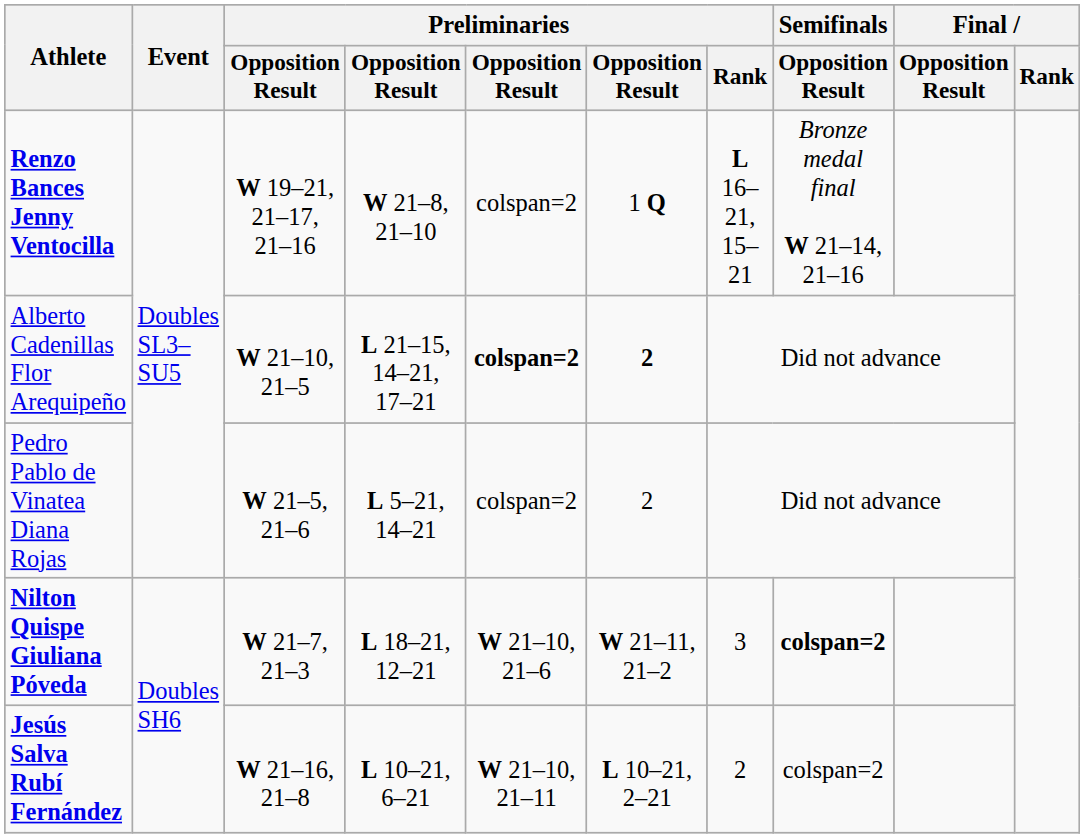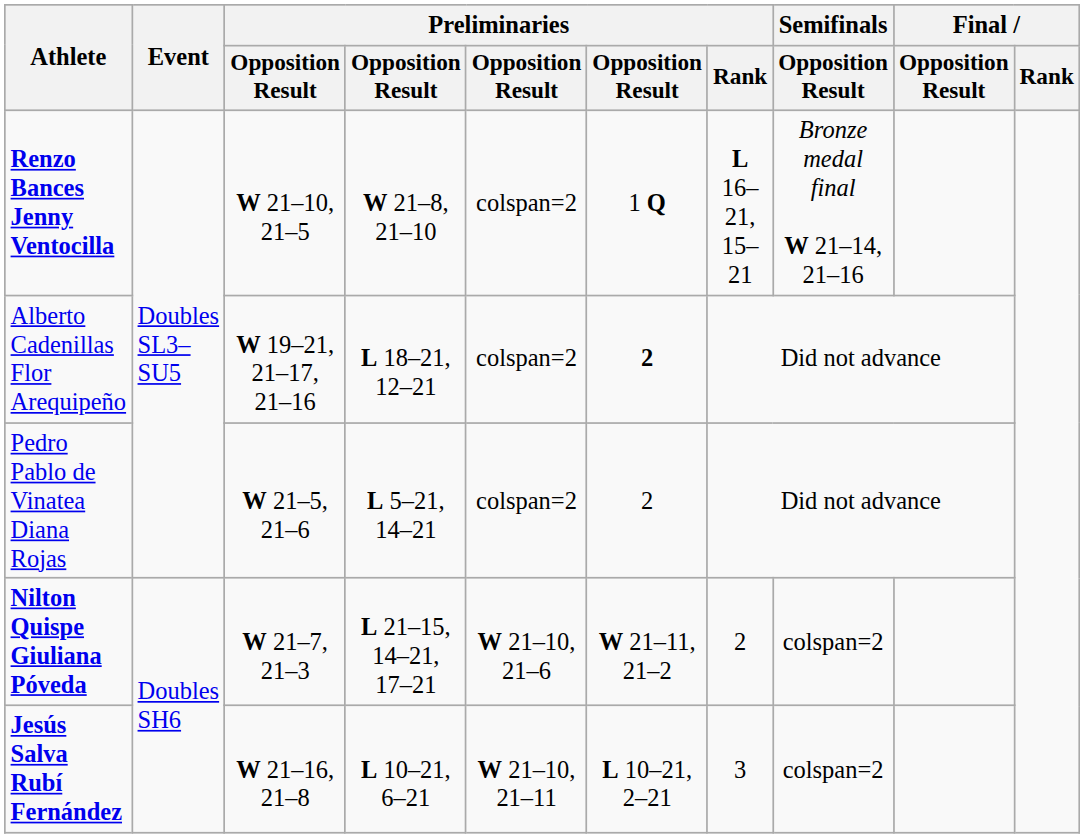 <table class=wikitable style="font-size:90%">
 <tr>
 <th rowspan="2">Athlete</th>
 <th rowspan="2">Event</th>
 <th colspan="5">Preliminaries</th>
 <th>Semifinals</th>
 <th colspan="2">Final / </th>
 </tr>
 <tr style="font-size:95%">
 <th>Opposition<br>Result</th>
 <th>Opposition<br>Result</th>
 <th>Opposition<br>Result</th>
 <th>Opposition<br>Result</th>
 <th>Rank</th>
 <th>Opposition<br>Result</th>
 <th>Opposition<br>Result</th>
 <th>Rank</th>
 </tr>
 <tr align=center>
 <td align=left><strong><a href='#'>Renzo Bances</a><br><a href='#'>Jenny Ventocilla</a></strong></td>
 <td align=left rowspan=3><a href='#'>Doubles SL3–SU5</a></td>
-<td><br><strong>W</strong> 19–21, 21–17, 21–16</td>
+<td><br><strong>W</strong> 21–10, 21–5</td>
 <td><br><strong>W</strong> 21–8, 21–10</td>
 <td>colspan=2 </td>
 <td>1 <strong>Q</strong></td>
 <td><br><strong>L</strong> 16–21, 15–21</td>
 <td><em>Bronze medal final</em><br><br><strong>W</strong> 21–14, 21–16</td>
 <td></td>
 </tr>
 <tr align=center>
 <td align=left><a href='#'>Alberto Cadenillas</a><br><a href='#'>Flor Arequipeño</a></td>
-<td><br><strong>W</strong> 21–10, 21–5</td>
-<td><br><strong>L</strong> 21–15, 14–21, 17–21</td>
-<td><strong>colspan=2 </strong></td>
+<td><br><strong>W</strong> 19–21, 21–17, 21–16</td>
+<td><br><strong>L</strong> 18–21, 12–21</td>
+<td>colspan=2 </td>
 <td><strong>2</strong></td>
 <td colspan=3>Did not advance</td>
 </tr>
 <tr align=center>
 <td align=left><a href='#'>Pedro Pablo de Vinatea</a><br><a href='#'>Diana Rojas</a></td>
 <td><br><strong>W</strong> 21–5, 21–6</td>
 <td><br><strong>L</strong> 5–21, 14–21</td>
 <td>colspan=2 </td>
 <td>2</td>
 <td colspan=3>Did not advance</td>
 </tr>
 <tr align=center>
 <td align=left><strong><a href='#'>Nilton Quispe</a><br><a href='#'>Giuliana Póveda</a></strong></td>
 <td align=left rowspan=2><a href='#'>Doubles SH6</a></td>
 <td><br><strong>W</strong> 21–7, 21–3</td>
-<td><br><strong>L</strong> 18–21, 12–21</td>
+<td><br><strong>L</strong> 21–15, 14–21, 17–21</td>
 <td><br><strong>W</strong> 21–10, 21–6</td>
 <td><br><strong>W</strong> 21–11, 21–2</td>
-<td>3</td>
-<td><strong>colspan=2 </strong></td>
+<td>2</td>
+<td>colspan=2 </td>
 <td></td>
 </tr>
 <tr align=center>
 <td align=left><strong><a href='#'>Jesús Salva</a><br><a href='#'>Rubí Fernández</a></strong></td>
 <td><br><strong>W</strong> 21–16, 21–8</td>
 <td><br><strong>L</strong> 10–21, 6–21</td>
 <td><br><strong>W</strong> 21–10, 21–11</td>
 <td><br><strong>L</strong> 10–21, 2–21</td>
-<td>2</td>
+<td>3</td>
 <td>colspan=2 </td>
 <td></td>
 </tr>
 </table>
